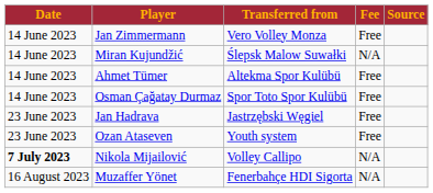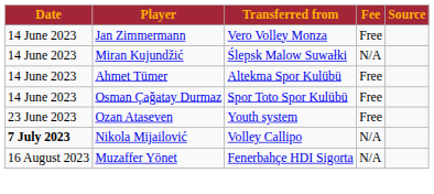 <table class="wikitable plainrowheaders sortable">
 <tr>
 <th style="background:#A32638; color:#FFB300; ">Date</th>
 <th style="background:#A32638; color:#FFB300; ">Player</th>
 <th style="background:#A32638; color:#FFB300; ">Transferred from</th>
 <th style="background:#A32638; color:#FFB300; ">Fee</th>
 <th style="background:#A32638; color:#FFB300; ">Source</th>
 </tr>
 <tr>
 <td>14 June 2023</td>
 <td align=left> <a href='#'>Jan Zimmermann</a></td>
 <td align=left> <a href='#'>Vero Volley Monza</a></td>
 <td>Free</td>
 <td></td>
 </tr>
 <tr>
 <td>14 June 2023</td>
 <td align=left> <a href='#'>Miran Kujundžić</a></td>
 <td align=left> <a href='#'>Ślepsk Malow Suwałki</a></td>
 <td>N/A</td>
 <td></td>
 </tr>
 <tr>
 <td>14 June 2023</td>
 <td align=left> <a href='#'>Ahmet Tümer</a></td>
 <td align=left> <a href='#'>Altekma Spor Kulübü</a></td>
 <td>Free</td>
 <td></td>
 </tr>
 <tr>
 <td>14 June 2023</td>
 <td align=left> <a href='#'>Osman Çağatay Durmaz</a></td>
 <td align=left> <a href='#'>Spor Toto Spor Kulübü</a></td>
 <td>Free</td>
 <td></td>
 </tr>
 <tr>
 <td>23 June 2023</td>
-<td align=left> <a href='#'>Jan Hadrava</a></td>
-<td align=left> <a href='#'>Jastrzębski Węgiel</a></td>
-<td>Free</td>
-<td></td>
-</tr>
-<tr>
-<td>23 June 2023</td>
 <td align=left> <a href='#'>Ozan Ataseven</a></td>
 <td align=left><a href='#'>Youth system</a></td>
 <td>Free</td>
 <td></td>
 </tr>
 <tr>
 <td><strong>7 July 2023</strong></td>
 <td align=left> <a href='#'>Nikola Mijailović</a></td>
 <td align=left> <a href='#'>Volley Callipo</a></td>
 <td>N/A</td>
 <td></td>
 </tr>
 <tr>
 <td>16 August 2023</td>
 <td align=left> <a href='#'>Muzaffer Yönet</a></td>
 <td align=left> <a href='#'>Fenerbahçe HDI Sigorta</a></td>
 <td>N/A</td>
 <td></td>
 </tr>
 </table>
